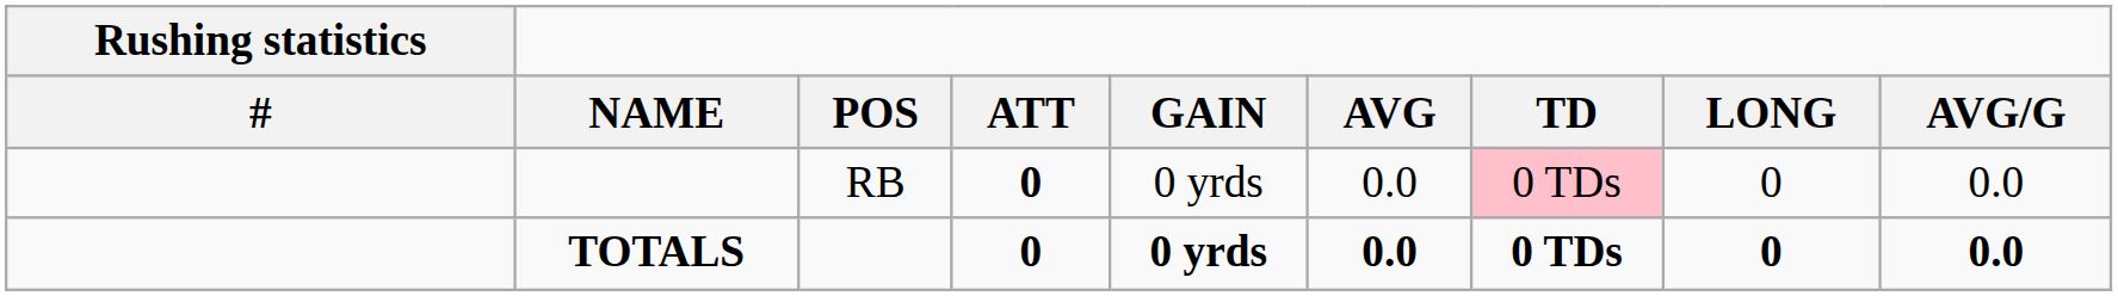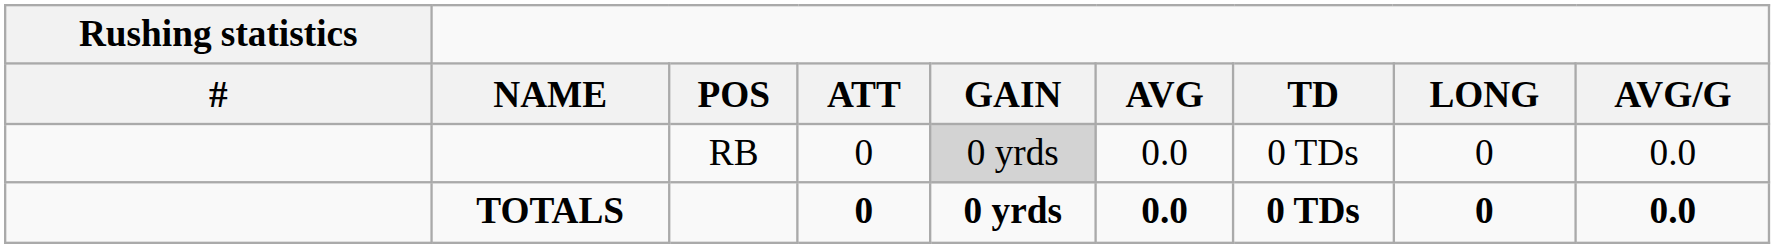 <table style="width:60%; text-align:center;" class="wikitable collapsible collapsed">
 <tr>
 <th style="text-align:center; ">Rushing statistics</th>
 </tr>
 <tr>
 <th>#</th>
 <th>NAME</th>
 <th>POS</th>
 <th>ATT</th>
 <th>GAIN</th>
 <th>AVG</th>
 <th>TD</th>
 <th>LONG</th>
 <th>AVG/G</th>
 </tr>
 <tr>
 <td></td>
 <td></td>
 <td>RB</td>
-<td><strong>0</strong></td>
-<td>0 yrds</td>
+<td>0</td>
+<td style="background: lightgrey;">0 yrds</td>
 <td>0.0</td>
-<td style="background: pink;">0 TDs</td>
+<td>0 TDs</td>
 <td>0</td>
 <td>0.0</td>
 </tr>
 <tr>
 <td></td>
 <td><strong>TOTALS</strong></td>
 <td></td>
 <td><strong>0</strong></td>
 <td><strong>0 yrds</strong></td>
 <td><strong>0.0</strong></td>
 <td><strong>0 TDs</strong></td>
 <td><strong>0</strong></td>
 <td><strong>0.0</strong></td>
 </tr>
 </table>
